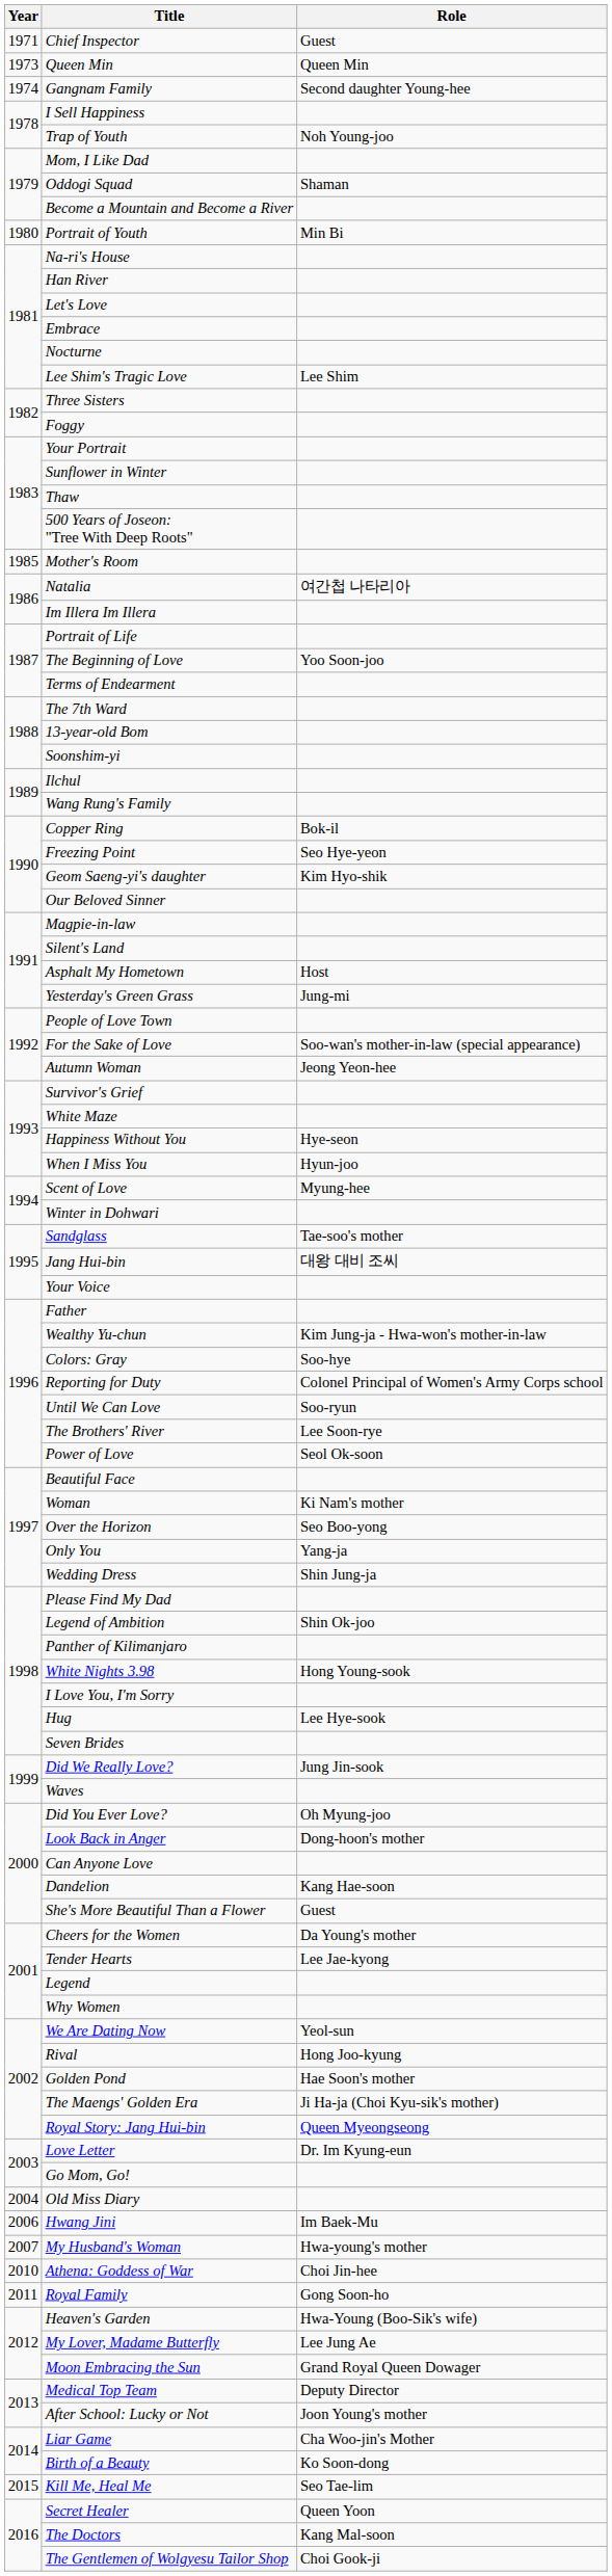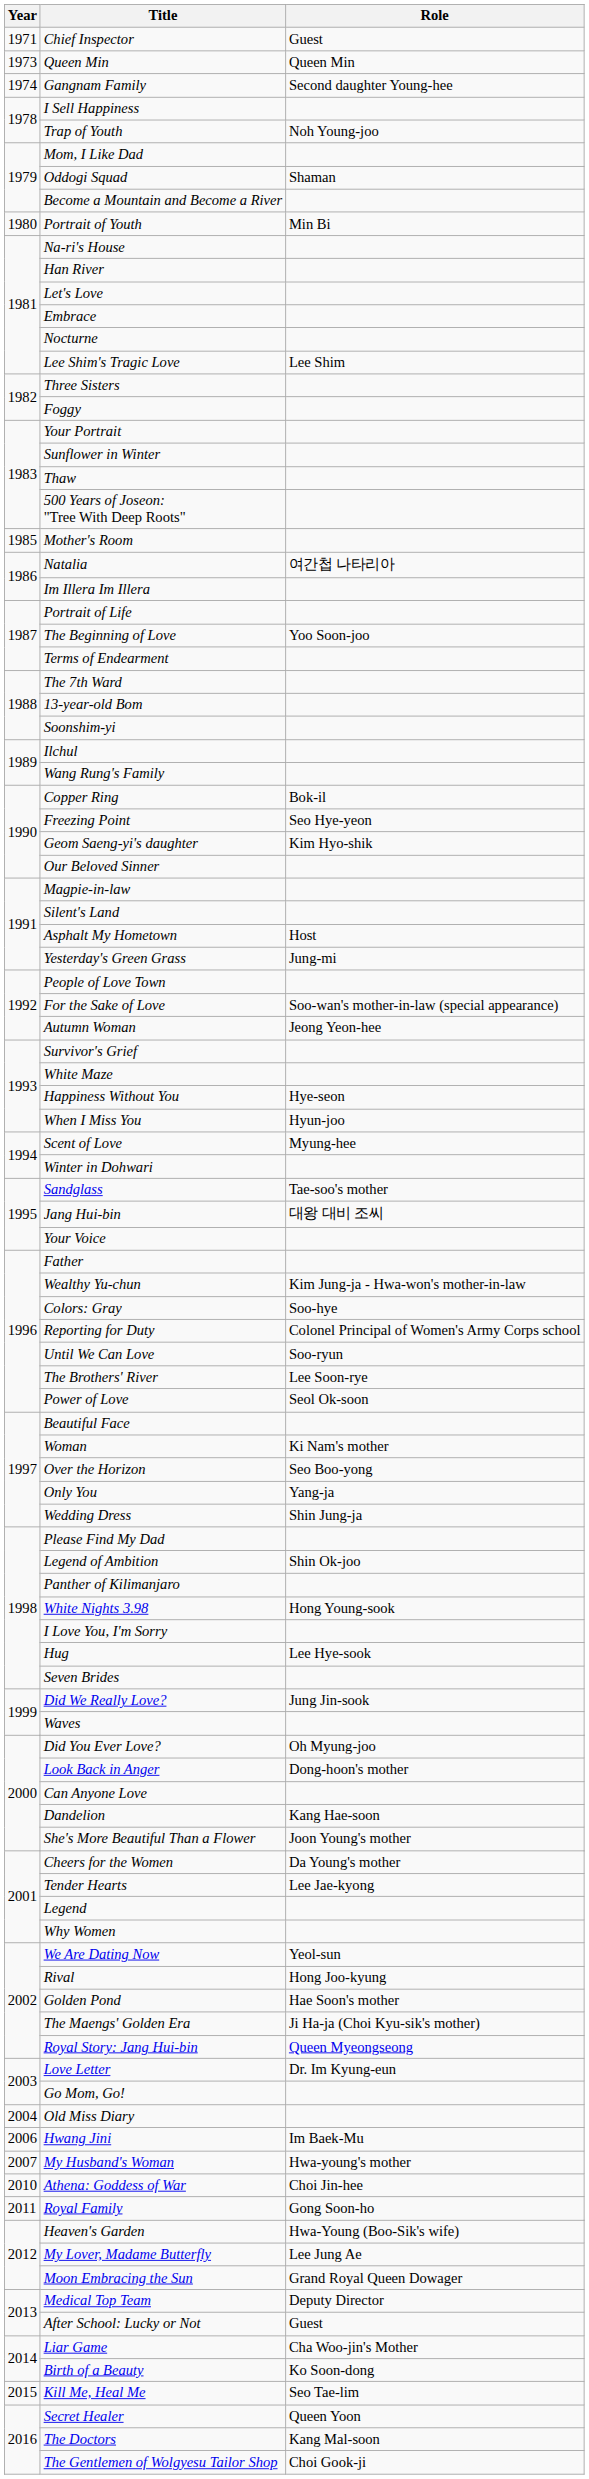 <table class="wikitable sortable">
 <tr>
 <th>Year</th>
 <th>Title</th>
 <th>Role</th>
 </tr>
 <tr>
 <td>1971</td>
 <td><em>Chief Inspector</em></td>
 <td>Guest</td>
 </tr>
 <tr>
 <td>1973</td>
 <td><em>Queen Min</em></td>
 <td>Queen Min</td>
 </tr>
 <tr>
 <td>1974</td>
 <td><em>Gangnam Family</em></td>
 <td>Second daughter Young-hee</td>
 </tr>
 <tr>
 <td rowspan="2">1978</td>
 <td><em>I Sell Happiness</em></td>
 <td></td>
 </tr>
 <tr>
 <td><em>Trap of Youth</em></td>
 <td>Noh Young-joo</td>
 </tr>
 <tr>
 <td rowspan="3">1979</td>
 <td><em>Mom, I Like Dad</em></td>
 <td></td>
 </tr>
 <tr>
 <td><em>Oddogi Squad</em></td>
 <td>Shaman</td>
 </tr>
 <tr>
 <td><em>Become a Mountain and Become a River</em></td>
 <td></td>
 </tr>
 <tr>
 <td>1980</td>
 <td><em>Portrait of Youth</em></td>
 <td>Min Bi</td>
 </tr>
 <tr>
 <td rowspan="6">1981</td>
 <td><em>Na-ri's House</em></td>
 <td></td>
 </tr>
 <tr>
 <td><em>Han River</em></td>
 <td></td>
 </tr>
 <tr>
 <td><em>Let's Love</em></td>
 <td></td>
 </tr>
 <tr>
 <td><em>Embrace</em></td>
 <td></td>
 </tr>
 <tr>
 <td><em>Nocturne</em></td>
 <td></td>
 </tr>
 <tr>
 <td><em>Lee Shim's Tragic Love</em></td>
 <td>Lee Shim</td>
 </tr>
 <tr>
 <td rowspan="2">1982</td>
 <td><em>Three Sisters</em></td>
 <td></td>
 </tr>
 <tr>
 <td><em>Foggy</em></td>
 <td></td>
 </tr>
 <tr>
 <td rowspan="4">1983</td>
 <td><em>Your Portrait</em></td>
 <td></td>
 </tr>
 <tr>
 <td><em>Sunflower in Winter</em></td>
 <td></td>
 </tr>
 <tr>
 <td><em>Thaw</em></td>
 <td></td>
 </tr>
 <tr>
 <td><em>500 Years of Joseon:</em><br>"Tree With Deep Roots"</td>
 <td></td>
 </tr>
 <tr>
 <td>1985</td>
 <td><em>Mother's Room</em></td>
 <td></td>
 </tr>
 <tr>
 <td rowspan="2">1986</td>
 <td><em>Natalia</em></td>
 <td>여간첩 나타리아</td>
 </tr>
 <tr>
 <td><em>Im Illera Im Illera</em></td>
 <td></td>
 </tr>
 <tr>
 <td rowspan="3">1987</td>
 <td><em>Portrait of Life</em></td>
 <td></td>
 </tr>
 <tr>
 <td><em>The Beginning of Love</em></td>
 <td>Yoo Soon-joo</td>
 </tr>
 <tr>
 <td><em>Terms of Endearment</em></td>
 <td></td>
 </tr>
 <tr>
 <td rowspan="3">1988</td>
 <td><em>The 7th Ward</em></td>
 <td></td>
 </tr>
 <tr>
 <td><em>13-year-old Bom</em></td>
 <td></td>
 </tr>
 <tr>
 <td><em>Soonshim-yi</em></td>
 <td></td>
 </tr>
 <tr>
 <td rowspan="2">1989</td>
 <td><em>Ilchul</em></td>
 <td></td>
 </tr>
 <tr>
 <td><em>Wang Rung's Family</em></td>
 <td></td>
 </tr>
 <tr>
 <td rowspan="4">1990</td>
 <td><em>Copper Ring</em></td>
 <td>Bok-il</td>
 </tr>
 <tr>
 <td><em>Freezing Point</em></td>
 <td>Seo Hye-yeon</td>
 </tr>
 <tr>
 <td><em>Geom Saeng-yi's daughter</em></td>
 <td>Kim Hyo-shik</td>
 </tr>
 <tr>
 <td><em>Our Beloved Sinner</em></td>
 <td></td>
 </tr>
 <tr>
 <td rowspan="4">1991</td>
 <td><em>Magpie-in-law</em></td>
 <td></td>
 </tr>
 <tr>
 <td><em>Silent's Land</em></td>
 <td></td>
 </tr>
 <tr>
 <td><em>Asphalt My Hometown</em></td>
 <td>Host</td>
 </tr>
 <tr>
 <td><em>Yesterday's Green Grass</em></td>
 <td>Jung-mi</td>
 </tr>
 <tr>
 <td rowspan="3">1992</td>
 <td><em>People of Love Town</em></td>
 <td></td>
 </tr>
 <tr>
 <td><em>For the Sake of Love</em></td>
 <td>Soo-wan's mother-in-law (special appearance)</td>
 </tr>
 <tr>
 <td><em>Autumn Woman</em></td>
 <td>Jeong Yeon-hee</td>
 </tr>
 <tr>
 <td rowspan="4">1993</td>
 <td><em>Survivor's Grief</em></td>
 <td></td>
 </tr>
 <tr>
 <td><em>White Maze</em></td>
 <td></td>
 </tr>
 <tr>
 <td><em>Happiness Without You</em></td>
 <td>Hye-seon</td>
 </tr>
 <tr>
 <td><em>When I Miss You</em></td>
 <td>Hyun-joo</td>
 </tr>
 <tr>
 <td rowspan="2">1994</td>
 <td><em>Scent of Love</em></td>
 <td>Myung-hee</td>
 </tr>
 <tr>
 <td><em>Winter in Dohwari</em></td>
 <td></td>
 </tr>
 <tr>
 <td rowspan="3">1995</td>
 <td><em><a href='#'>Sandglass</a></em></td>
 <td>Tae-soo's mother</td>
 </tr>
 <tr>
 <td><em>Jang Hui-bin</em></td>
 <td>대왕 대비 조씨</td>
 </tr>
 <tr>
 <td><em>Your Voice</em></td>
 <td></td>
 </tr>
 <tr>
 <td rowspan="7">1996</td>
 <td><em>Father</em></td>
 <td></td>
 </tr>
 <tr>
 <td><em>Wealthy Yu-chun</em></td>
 <td>Kim Jung-ja - Hwa-won's mother-in-law</td>
 </tr>
 <tr>
 <td><em>Colors: Gray</em></td>
 <td>Soo-hye</td>
 </tr>
 <tr>
 <td><em>Reporting for Duty</em></td>
 <td>Colonel Principal of Women's Army Corps school</td>
 </tr>
 <tr>
 <td><em>Until We Can Love</em></td>
 <td>Soo-ryun</td>
 </tr>
 <tr>
 <td><em>The Brothers' River</em></td>
 <td>Lee Soon-rye</td>
 </tr>
 <tr>
 <td><em>Power of Love</em></td>
 <td>Seol Ok-soon</td>
 </tr>
 <tr>
 <td rowspan="5">1997</td>
 <td><em>Beautiful Face</em></td>
 <td></td>
 </tr>
 <tr>
 <td><em>Woman</em></td>
 <td>Ki Nam's mother</td>
 </tr>
 <tr>
 <td><em>Over the Horizon</em></td>
 <td>Seo Boo-yong</td>
 </tr>
 <tr>
 <td><em>Only You</em></td>
 <td>Yang-ja</td>
 </tr>
 <tr>
 <td><em>Wedding Dress</em></td>
 <td>Shin Jung-ja</td>
 </tr>
 <tr>
 <td rowspan="7">1998</td>
 <td><em>Please Find My Dad</em></td>
 <td></td>
 </tr>
 <tr>
 <td><em>Legend of Ambition</em></td>
 <td>Shin Ok-joo</td>
 </tr>
 <tr>
 <td><em>Panther of Kilimanjaro</em></td>
 <td></td>
 </tr>
 <tr>
 <td><em><a href='#'>White Nights 3.98</a></em></td>
 <td>Hong Young-sook</td>
 </tr>
 <tr>
 <td><em>I Love You, I'm Sorry</em></td>
 <td></td>
 </tr>
 <tr>
 <td><em>Hug</em></td>
 <td>Lee Hye-sook</td>
 </tr>
 <tr>
 <td><em>Seven Brides</em></td>
 <td></td>
 </tr>
 <tr>
 <td rowspan="3">1999</td>
 <td><em><a href='#'>Did We Really Love?</a></em></td>
 <td>Jung Jin-sook</td>
 </tr>
 <tr>
 <td><em>Waves</em></td>
 <td></td>
 </tr>
 <tr>
 <td rowspan="2"><em>Did You Ever Love?</em></td>
 <td rowspan="2">Oh Myung-joo</td>
 </tr>
 <tr>
 <td rowspan="6">2000</td>
 </tr>
 <tr>
 <td><em><a href='#'>Look Back in Anger</a></em></td>
 <td>Dong-hoon's mother</td>
 </tr>
 <tr>
 <td><em>Can Anyone Love</em></td>
 <td></td>
 </tr>
 <tr>
 <td><em>Dandelion</em></td>
 <td>Kang Hae-soon</td>
 </tr>
 <tr>
 <td><em>She's More Beautiful Than a Flower</em></td>
-<td>Guest</td>
+<td>Joon Young's mother</td>
 </tr>
 <tr>
 <td rowspan="2"><em>Cheers for the Women</em></td>
 <td rowspan="2">Da Young's mother</td>
 </tr>
 <tr>
 <td rowspan= "4">2001</td>
 </tr>
 <tr>
 <td><em>Tender Hearts</em></td>
 <td>Lee Jae-kyong</td>
 </tr>
 <tr>
 <td><em>Legend</em></td>
 <td></td>
 </tr>
 <tr>
 <td><em>Why Women</em></td>
 <td></td>
 </tr>
 <tr>
 <td rowspan= "5">2002</td>
 <td><em><a href='#'>We Are Dating Now</a></em></td>
 <td>Yeol-sun</td>
 </tr>
 <tr>
 <td><em>Rival</em></td>
 <td>Hong Joo-kyung</td>
 </tr>
 <tr>
 <td><em>Golden Pond</em></td>
 <td>Hae Soon's mother</td>
 </tr>
 <tr>
 <td><em>The Maengs' Golden Era</em></td>
 <td>Ji Ha-ja (Choi Kyu-sik's mother)</td>
 </tr>
 <tr>
 <td><em><a href='#'>Royal Story: Jang Hui-bin</a></em></td>
 <td><a href='#'>Queen Myeongseong</a></td>
 </tr>
 <tr>
 <td rowspan= "2">2003</td>
 <td><em><a href='#'>Love Letter</a></em></td>
 <td>Dr. Im Kyung-eun</td>
 </tr>
 <tr>
 <td><em>Go Mom, Go!</em></td>
 <td></td>
 </tr>
 <tr>
 <td rowspan= "1">2004</td>
 <td><em>Old Miss Diary</em></td>
 <td></td>
 </tr>
 <tr>
 <td rowspan= "1">2006</td>
 <td><em><a href='#'>Hwang Jini</a></em></td>
 <td>Im Baek-Mu</td>
 </tr>
 <tr>
 <td rowspan= "1">2007</td>
 <td><em><a href='#'>My Husband's Woman</a></em></td>
 <td>Hwa-young's mother</td>
 </tr>
 <tr>
 <td rowspan="1">2010</td>
 <td><em><a href='#'>Athena: Goddess of War</a></em></td>
 <td>Choi Jin-hee</td>
 </tr>
 <tr>
 <td rowspan= "2">2011</td>
 <td><em><a href='#'>Royal Family</a></em></td>
 <td>Gong Soon-ho</td>
 </tr>
 <tr>
 <td rowspan="2"><em>Heaven's Garden</em></td>
 <td rowspan="2">Hwa-Young (Boo-Sik's wife)</td>
 </tr>
 <tr>
 <td rowspan="3">2012</td>
 </tr>
 <tr>
 <td><em><a href='#'>My Lover, Madame Butterfly</a></em></td>
 <td>Lee Jung Ae</td>
 </tr>
 <tr>
 <td><em><a href='#'>Moon Embracing the Sun</a></em></td>
 <td>Grand Royal Queen Dowager</td>
 </tr>
 <tr>
 <td rowspan="2">2013</td>
 <td><em><a href='#'>Medical Top Team</a></em></td>
 <td>Deputy Director</td>
 </tr>
 <tr>
 <td><em>After School: Lucky or Not</em></td>
-<td>Joon Young's mother</td>
+<td>Guest</td>
 </tr>
 <tr>
 <td rowspan="2">2014</td>
 <td><em><a href='#'>Liar Game</a></em></td>
 <td>Cha Woo-jin's Mother</td>
 </tr>
 <tr>
 <td><em><a href='#'>Birth of a Beauty</a></em></td>
 <td>Ko Soon-dong</td>
 </tr>
 <tr>
 <td>2015</td>
 <td><em><a href='#'>Kill Me, Heal Me</a></em></td>
 <td>Seo Tae-lim</td>
 </tr>
 <tr>
 <td rowspan="3">2016</td>
 <td><em><a href='#'>Secret Healer</a></em></td>
 <td>Queen Yoon</td>
 </tr>
 <tr>
 <td><em><a href='#'>The Doctors</a></em></td>
 <td>Kang Mal-soon</td>
 </tr>
 <tr>
 <td><em><a href='#'>The Gentlemen of Wolgyesu Tailor Shop</a></em></td>
 <td>Choi Gook-ji</td>
 </tr>
 </table>
